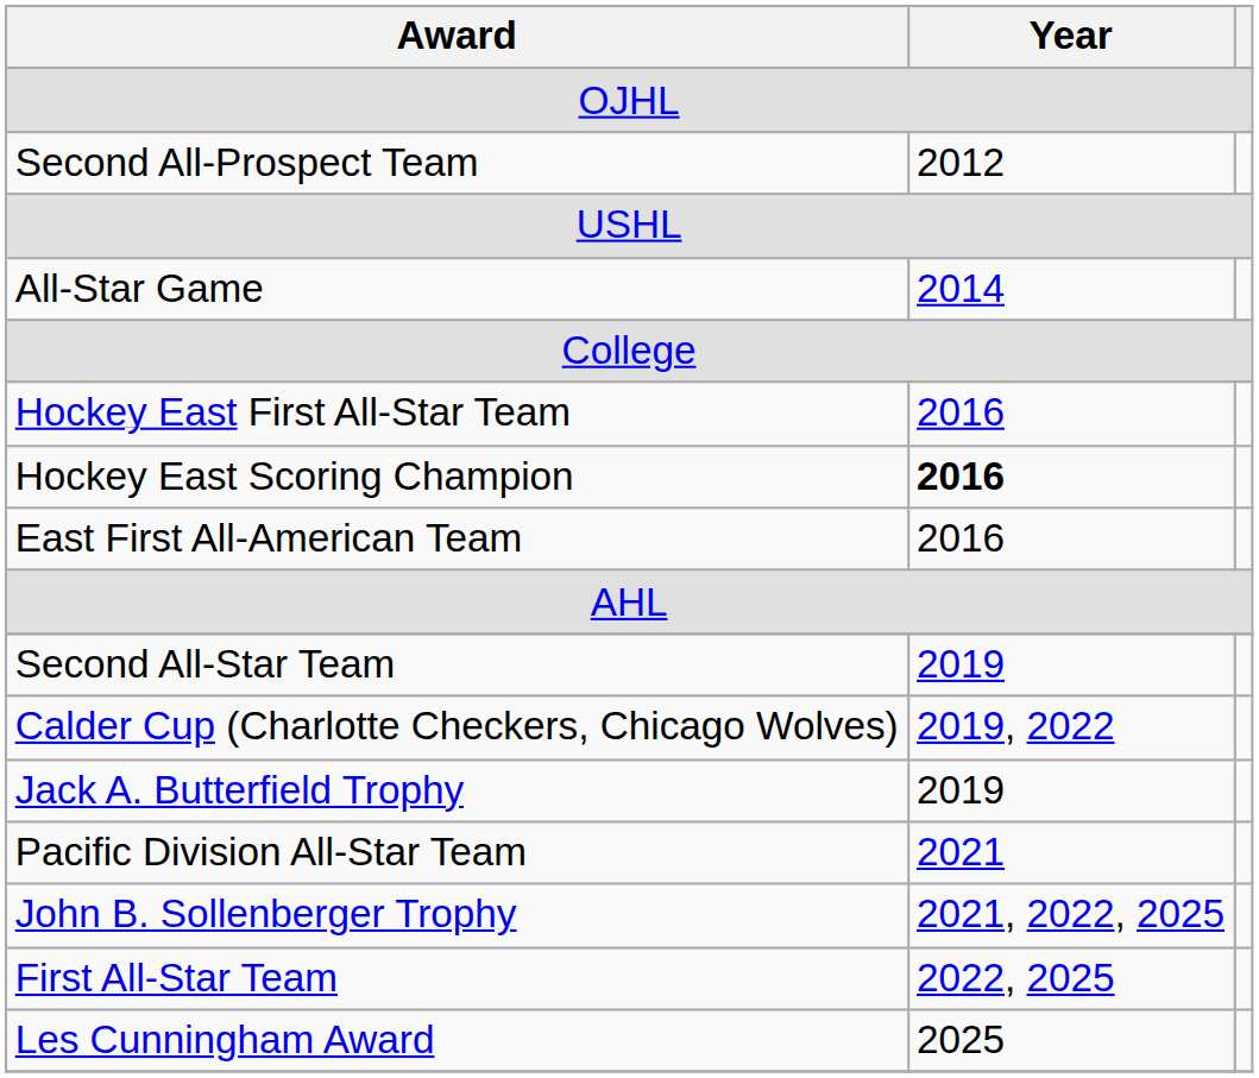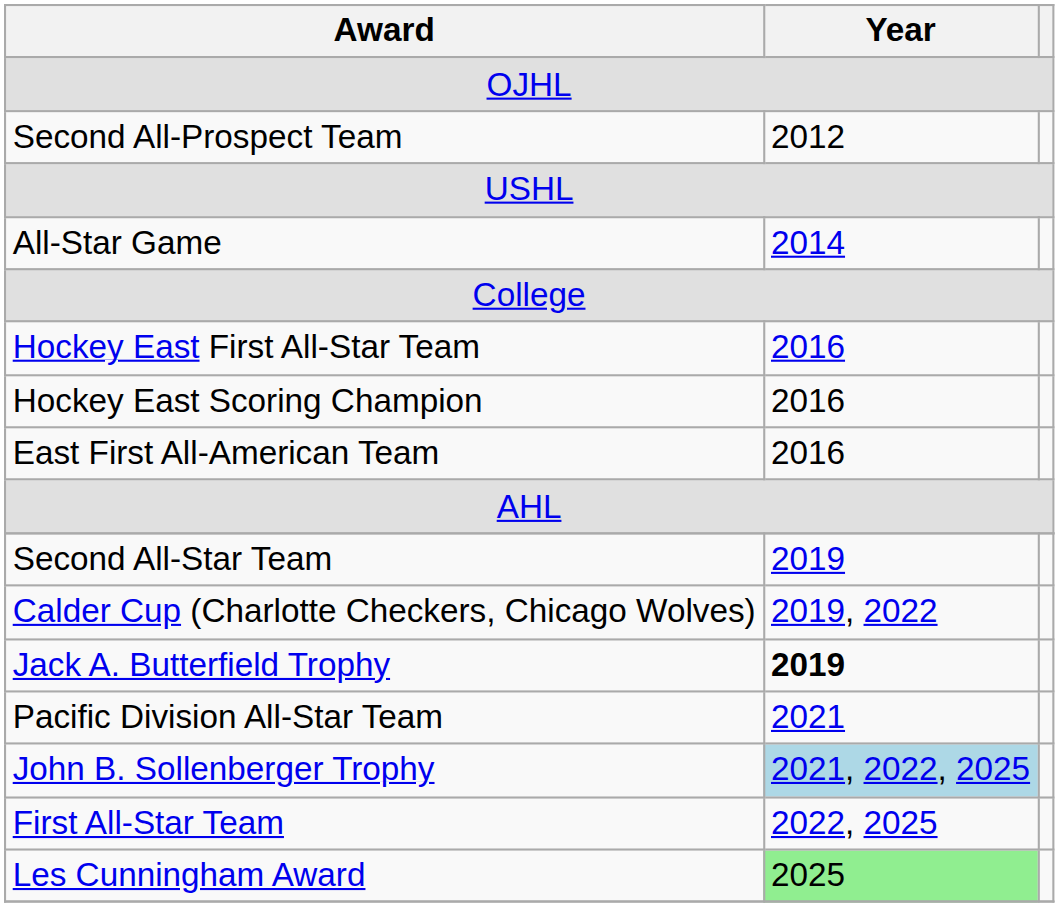 <table class="wikitable">
 <tr>
 <th>Award</th>
 <th>Year</th>
 <th></th>
 </tr>
 <tr ALIGN="center" bgcolor="#e0e0e0">
 <td colspan="3"><a href='#'>OJHL</a></td>
 </tr>
 <tr>
 <td>Second All-Prospect Team</td>
 <td>2012</td>
 <td></td>
 </tr>
 <tr ALIGN="center" bgcolor="#e0e0e0">
 <td colspan="3"><a href='#'>USHL</a></td>
 </tr>
 <tr>
 <td>All-Star Game</td>
 <td><a href='#'>2014</a></td>
 <td></td>
 </tr>
 <tr ALIGN="center" bgcolor="#e0e0e0">
 <td colspan="3"><a href='#'>College</a></td>
 </tr>
 <tr>
 <td><a href='#'>Hockey East</a> First All-Star Team</td>
 <td><a href='#'>2016</a></td>
 <td></td>
 </tr>
 <tr>
 <td>Hockey East Scoring Champion</td>
-<td><strong>2016</strong></td>
+<td>2016</td>
 <td></td>
 </tr>
 <tr>
 <td>East First All-American Team</td>
 <td>2016</td>
 <td></td>
 </tr>
 <tr ALIGN="center" bgcolor="#e0e0e0">
 <td colspan="3"><a href='#'>AHL</a></td>
 </tr>
 <tr>
 </tr>
 <tr>
 <td>Second All-Star Team</td>
 <td><a href='#'>2019</a></td>
 <td></td>
 </tr>
 <tr>
 <td><a href='#'>Calder Cup</a> (Charlotte Checkers, Chicago Wolves)</td>
 <td><a href='#'>2019</a>, <a href='#'>2022</a></td>
 <td></td>
 </tr>
 <tr>
 <td><a href='#'>Jack A. Butterfield Trophy</a></td>
-<td>2019</td>
+<td><strong>2019</strong></td>
 <td></td>
 </tr>
 <tr>
 <td>Pacific Division All-Star Team</td>
 <td><a href='#'>2021</a></td>
 <td></td>
 </tr>
 <tr>
 <td><a href='#'>John B. Sollenberger Trophy</a></td>
-<td><a href='#'>2021</a>, <a href='#'>2022</a>, <a href='#'>2025</a></td>
+<td style="background: lightblue;"><a href='#'>2021</a>, <a href='#'>2022</a>, <a href='#'>2025</a></td>
 <td></td>
 </tr>
 <tr>
 <td><a href='#'>First All-Star Team</a></td>
 <td><a href='#'>2022</a>, <a href='#'>2025</a></td>
 <td></td>
 </tr>
 <tr>
 <td><a href='#'>Les Cunningham Award</a></td>
-<td>2025</td>
+<td style="background: lightgreen;">2025</td>
 <td></td>
 </tr>
 <tr>
 </tr>
 </table>
